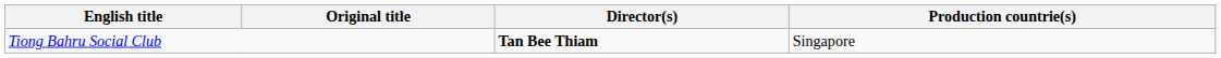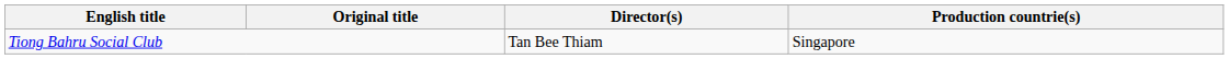 <table class="sortable wikitable" style="width:100%; margin-bottom:4px">
 <tr>
 <th scope="col">English title</th>
 <th scope="col">Original title</th>
 <th scope="col">Director(s)</th>
 <th scope="col">Production countrie(s)</th>
 </tr>
 <tr>
 <td colspan="2"><em><a href='#'>Tiong Bahru Social Club</a></em></td>
-<td><strong>Tan Bee Thiam</strong></td>
+<td>Tan Bee Thiam</td>
 <td>Singapore</td>
 </tr>
 </table>
